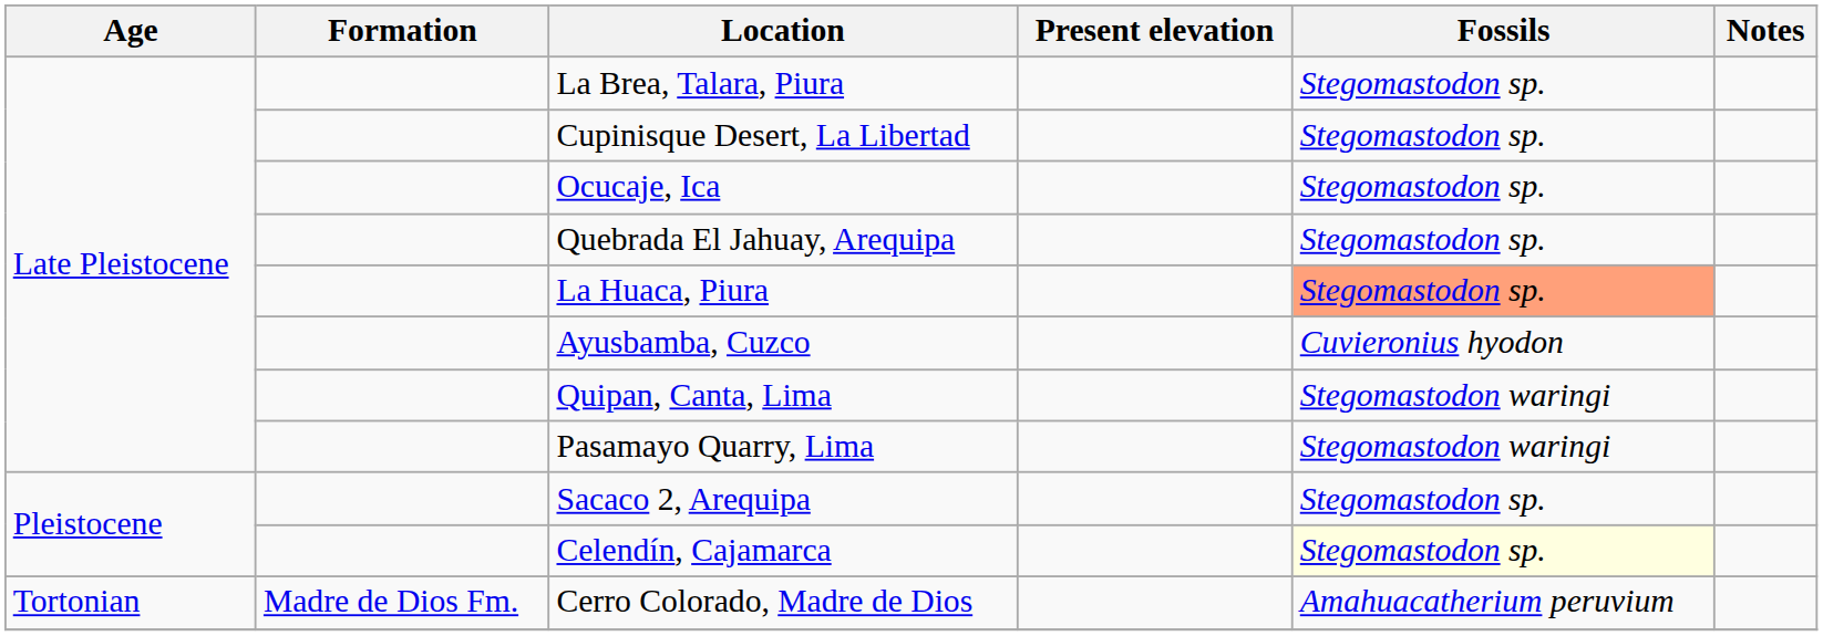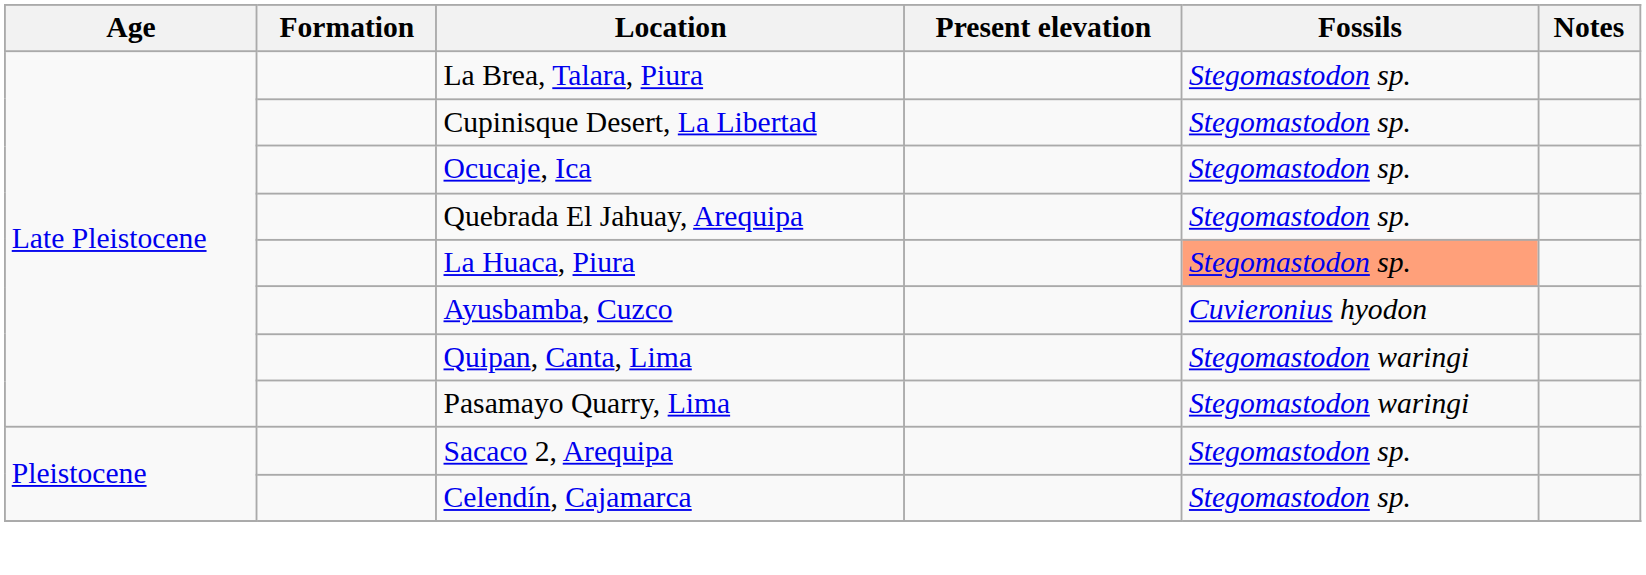 <table class="wikitable sortable" style="width: 70%;">
 <tr>
 <th>Age</th>
 <th>Formation</th>
 <th>Location</th>
 <th>Present elevation</th>
 <th>Fossils</th>
 <th class="unsortable">Notes</th>
 </tr>
 <tr>
 <td rowspan=8 style="background-color: "><a href='#'>Late Pleistocene</a></td>
 <td></td>
 <td>La Brea, <a href='#'>Talara</a>, <a href='#'>Piura</a></td>
 <td></td>
 <td><em><a href='#'>Stegomastodon</a> sp.</em></td>
 <td></td>
 </tr>
 <tr>
 <td></td>
 <td>Cupinisque Desert, <a href='#'>La Libertad</a></td>
 <td></td>
 <td><em><a href='#'>Stegomastodon</a> sp.</em></td>
 <td></td>
 </tr>
 <tr>
 <td></td>
 <td><a href='#'>Ocucaje</a>, <a href='#'>Ica</a></td>
 <td></td>
 <td><em><a href='#'>Stegomastodon</a> sp.</em></td>
 <td></td>
 </tr>
 <tr>
 <td></td>
 <td>Quebrada El Jahuay, <a href='#'>Arequipa</a></td>
 <td></td>
 <td><em><a href='#'>Stegomastodon</a> sp.</em></td>
 <td></td>
 </tr>
 <tr>
 <td></td>
 <td><a href='#'>La Huaca</a>, <a href='#'>Piura</a></td>
 <td></td>
 <td style="background: lightsalmon;"><em><a href='#'>Stegomastodon</a> sp.</em></td>
 <td></td>
 </tr>
 <tr>
 <td></td>
 <td><a href='#'>Ayusbamba</a>, <a href='#'>Cuzco</a></td>
 <td></td>
 <td><em><a href='#'>Cuvieronius</a> hyodon</em></td>
 <td></td>
 </tr>
 <tr>
 <td></td>
 <td><a href='#'>Quipan</a>, <a href='#'>Canta</a>, <a href='#'>Lima</a></td>
 <td></td>
 <td><em><a href='#'>Stegomastodon</a> waringi</em></td>
 <td></td>
 </tr>
 <tr>
 <td></td>
 <td>Pasamayo Quarry, <a href='#'>Lima</a></td>
 <td></td>
 <td><em><a href='#'>Stegomastodon</a> waringi</em></td>
 <td></td>
 </tr>
 <tr>
 <td rowspan=2 style="background-color: "><a href='#'>Pleistocene</a></td>
 <td></td>
 <td><a href='#'>Sacaco</a> 2, <a href='#'>Arequipa</a></td>
 <td></td>
 <td><em><a href='#'>Stegomastodon</a> sp.</em></td>
 <td></td>
 </tr>
 <tr>
 <td></td>
 <td><a href='#'>Celendín</a>, <a href='#'>Cajamarca</a></td>
 <td></td>
-<td style="background: lightyellow;"><em><a href='#'>Stegomastodon</a> sp.</em></td>
-<td></td>
-</tr>
-<tr>
-<td style="background-color: "><a href='#'>Tortonian</a></td>
-<td><a href='#'>Madre de Dios Fm.</a></td>
-<td>Cerro Colorado, <a href='#'>Madre de Dios</a></td>
-<td></td>
-<td><em><a href='#'>Amahuacatherium</a> peruvium</em></td>
+<td><em><a href='#'>Stegomastodon</a> sp.</em></td>
 <td></td>
 </tr>
 <tr>
 </tr>
 </table>
